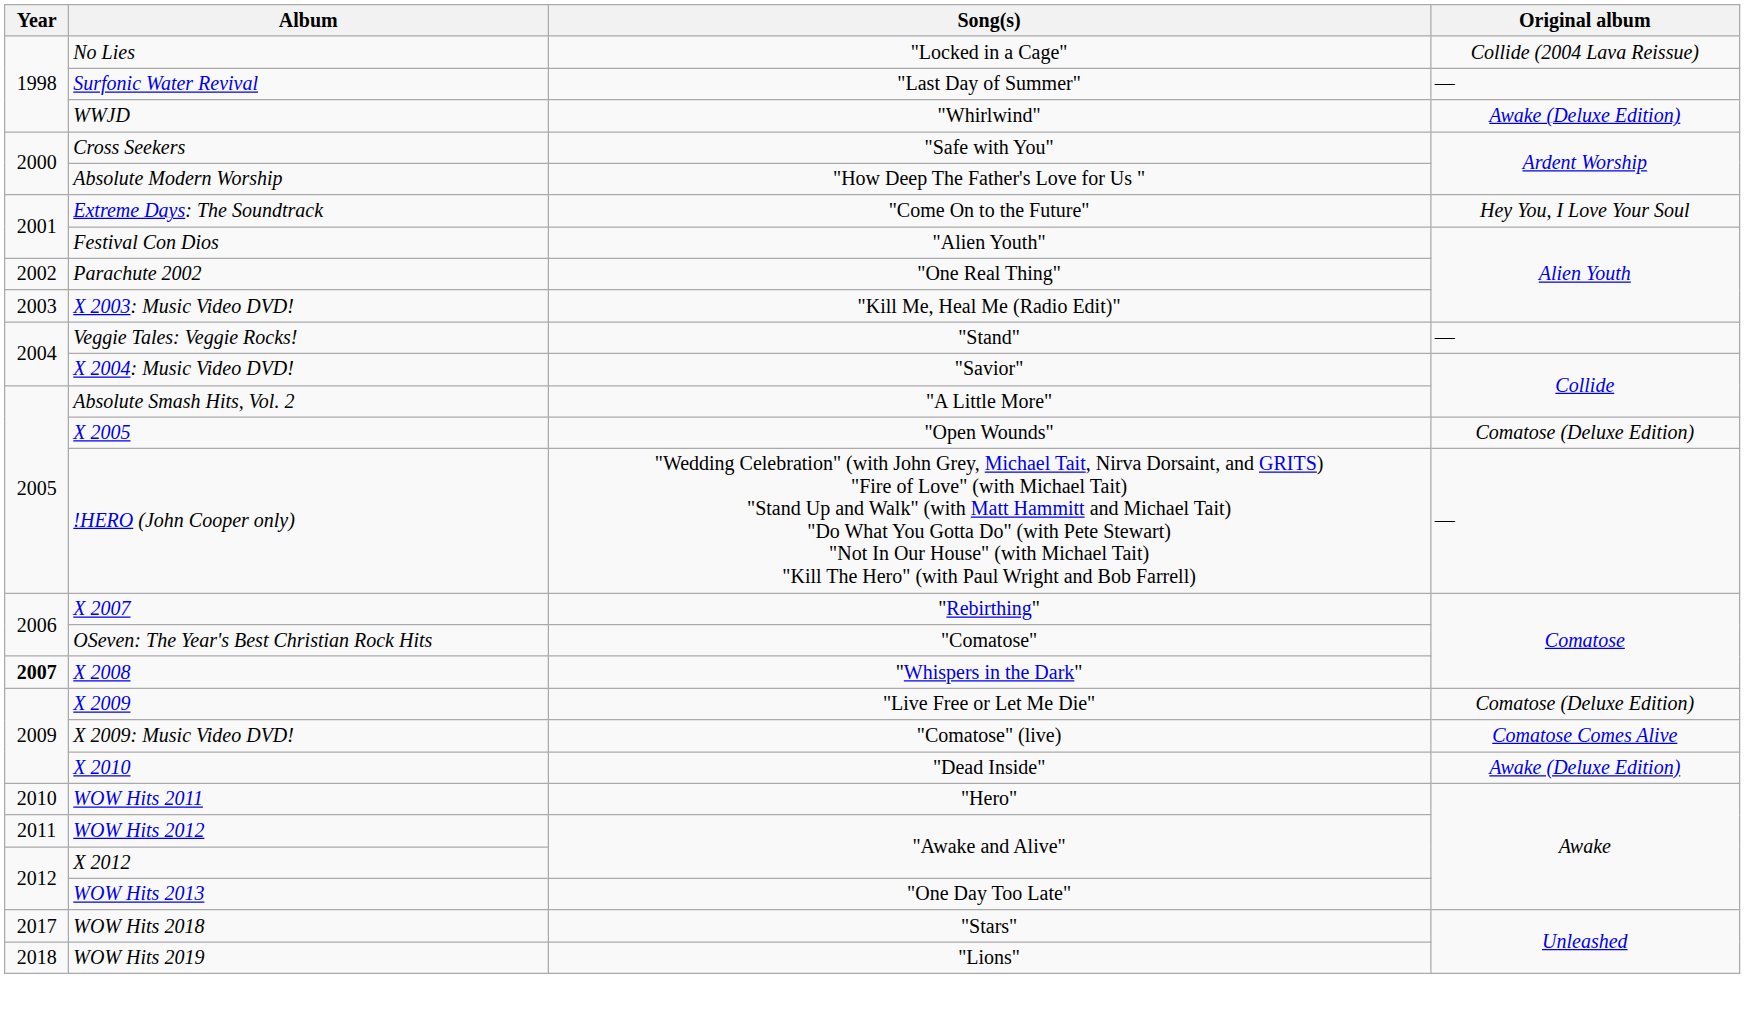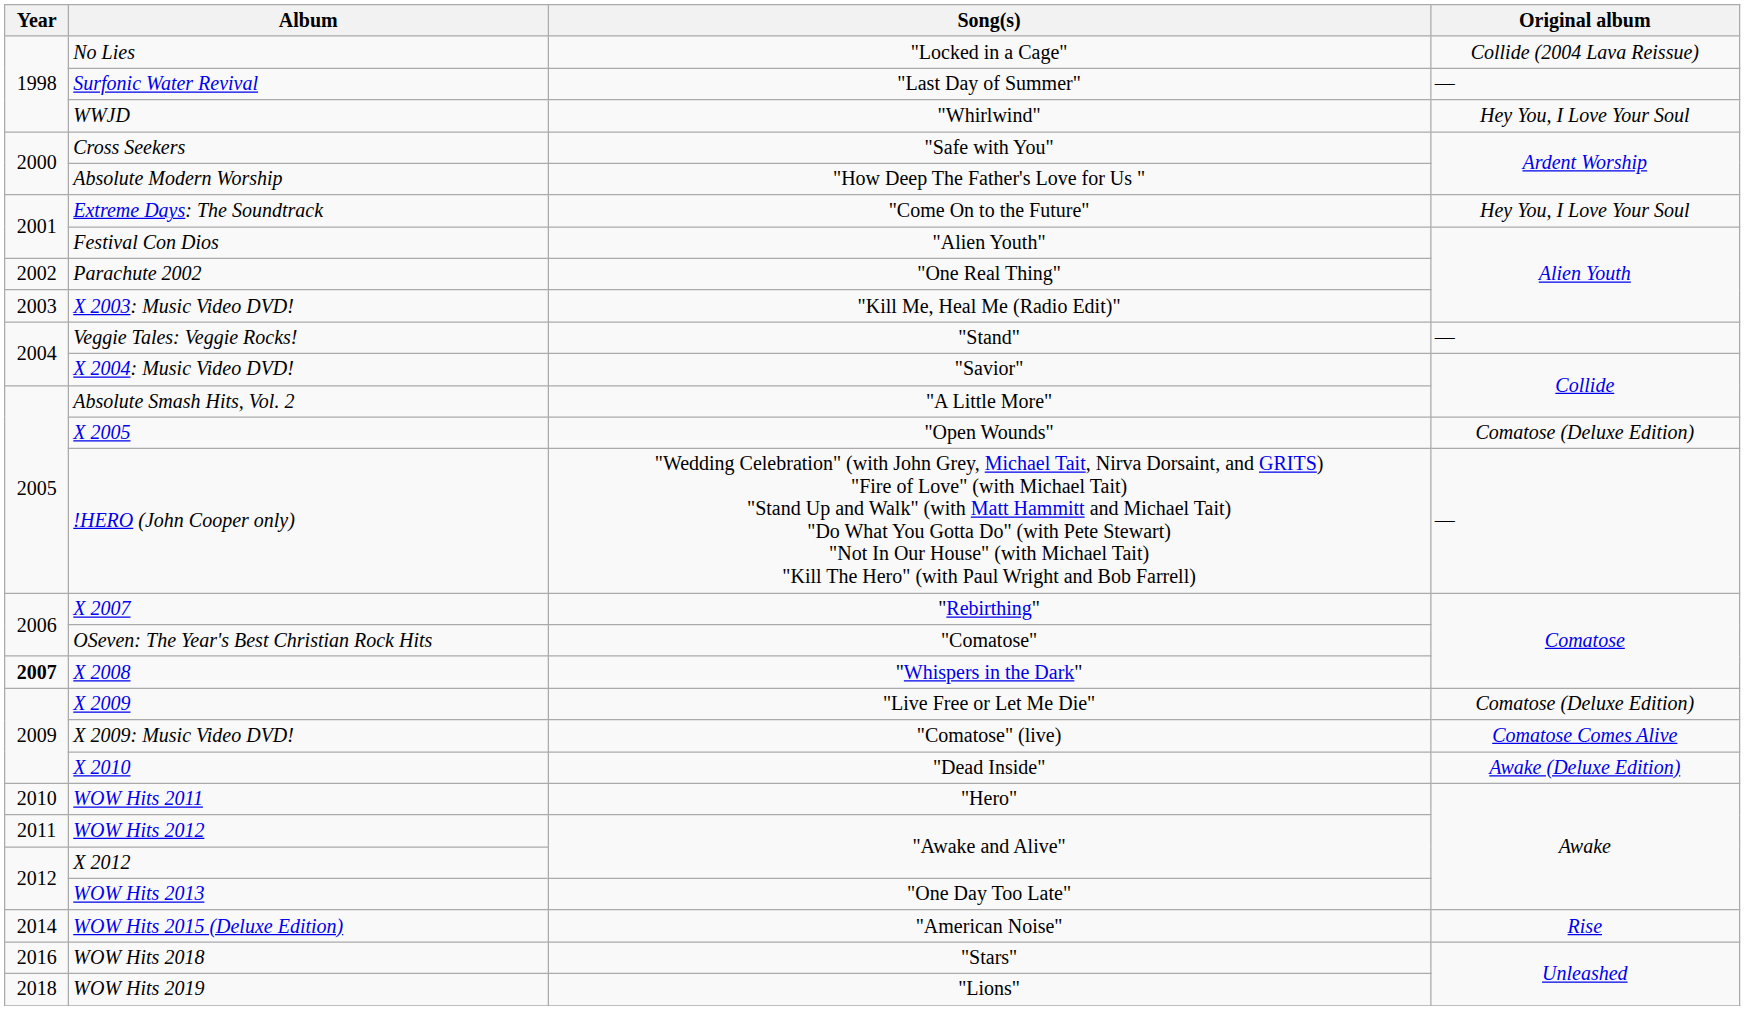 <table class="wikitable" style="width:70%;">
 <tr>
 <th>Year</th>
 <th>Album</th>
 <th>Song(s)</th>
 <th>Original album</th>
 </tr>
 <tr>
 <td rowspan="3" style="text-align:center;">1998</td>
 <td style="text-align:left;"><em>No Lies</em></td>
 <td style="text-align:center;">"Locked in a Cage"</td>
 <td style="text-align:center;"><em>Collide (2004 Lava Reissue)</em></td>
 </tr>
 <tr>
 <td style="text-align:left;"><em><a href='#'>Surfonic Water Revival</a></em></td>
 <td style="text-align:center;">"Last Day of Summer"</td>
 <td>—</td>
 </tr>
 <tr>
 <td style="text-align:left;"><em>WWJD</em></td>
 <td style="text-align:center;">"Whirlwind"</td>
-<td style="text-align:center;"><em><a href='#'>Awake (Deluxe Edition)</a></em></td>
+<td style="text-align:center;"><em>Hey You, I Love Your Soul</em></td>
 </tr>
 <tr>
 <td rowspan="2" style="text-align:center;">2000</td>
 <td style="text-align:left;"><em>Cross Seekers</em></td>
 <td style="text-align:center;">"Safe with You"</td>
 <td rowspan="2" style="text-align:center;"><em><a href='#'>Ardent Worship</a></em></td>
 </tr>
 <tr>
 <td style="text-align:left;"><em>Absolute Modern Worship </em></td>
 <td style="text-align:center;">"How Deep The Father's Love for Us "</td>
 </tr>
 <tr>
 <td rowspan="2" style="text-align:center;">2001</td>
 <td style="text-align:left;"><em><a href='#'>Extreme Days</a>: The Soundtrack</em></td>
 <td style="text-align:center;">"Come On to the Future"</td>
 <td style="text-align:center;"><em>Hey You, I Love Your Soul</em></td>
 </tr>
 <tr>
 <td style="text-align:left;"><em>Festival Con Dios</em></td>
 <td style="text-align:center;">"Alien Youth"</td>
 <td rowspan="3" style="text-align:center;"><em><a href='#'>Alien Youth</a></em></td>
 </tr>
 <tr>
 <td style="text-align:center;">2002</td>
 <td style="text-align:left;"><em>Parachute 2002</em></td>
 <td style="text-align:center;">"One Real Thing"</td>
 </tr>
 <tr>
 <td style="text-align:center;">2003</td>
 <td style="text-align:left;"><em><a href='#'>X 2003</a>: Music Video DVD!</em></td>
 <td style="text-align:center;">"Kill Me, Heal Me (Radio Edit)"</td>
 </tr>
 <tr>
 <td rowspan="2" style="text-align:center;">2004</td>
 <td style="text-align:left;"><em>Veggie Tales: Veggie Rocks!</em></td>
 <td style="text-align:center;">"Stand"</td>
 <td>—</td>
 </tr>
 <tr>
 <td style="text-align:left;"><em><a href='#'>X 2004</a>: Music Video DVD!</em></td>
 <td style="text-align:center;">"Savior"</td>
 <td rowspan="2" style="text-align:center;"><em><a href='#'>Collide</a></em></td>
 </tr>
 <tr>
 <td rowspan="3" style="text-align:center;">2005</td>
 <td style="text-align:left;"><em>Absolute Smash Hits, Vol. 2</em></td>
 <td style="text-align:center;">"A Little More"</td>
 </tr>
 <tr>
 <td style="text-align:left;"><em><a href='#'>X 2005</a></em></td>
 <td style="text-align:center;">"Open Wounds"</td>
 <td style="text-align:center;"><em>Comatose (Deluxe Edition)</em></td>
 </tr>
 <tr>
 <td style="text-align:left;"><em><a href='#'>!HERO</a> (John Cooper only)</em></td>
 <td style="text-align:center;">"Wedding Celebration" (with John Grey, <a href='#'>Michael Tait</a>, Nirva Dorsaint, and <a href='#'>GRITS</a>)<br>"Fire of Love" (with Michael Tait)<br>"Stand Up and Walk" (with <a href='#'>Matt Hammitt</a> and Michael Tait)<br>"Do What You Gotta Do" (with Pete Stewart)<br>"Not In Our House" (with Michael Tait)<br>"Kill The Hero" (with Paul Wright and Bob Farrell)</td>
 <td>—</td>
 </tr>
 <tr>
 <td rowspan="2" style="text-align:center;">2006</td>
 <td style="text-align:left;"><em><a href='#'>X 2007</a></em></td>
 <td style="text-align:center;">"<a href='#'>Rebirthing</a>"</td>
 <td rowspan="3" style="text-align:center;"><em><a href='#'>Comatose</a></em></td>
 </tr>
 <tr>
 <td style="text-align:left;"><em>OSeven: The Year's Best Christian Rock Hits</em></td>
 <td style="text-align:center;">"Comatose"</td>
 </tr>
 <tr>
 <td style="text-align:center;"><strong>2007</strong></td>
 <td style="text-align:left;"><em><a href='#'>X 2008</a></em></td>
 <td style="text-align:center;">"<a href='#'>Whispers in the Dark</a>"</td>
 </tr>
 <tr>
 <td rowspan="3" style="text-align:center;">2009</td>
 <td style="text-align:left;"><em><a href='#'>X 2009</a></em></td>
 <td style="text-align:center;">"Live Free or Let Me Die"</td>
 <td style="text-align:center;"><em>Comatose (Deluxe Edition)</em></td>
 </tr>
 <tr>
 <td style="text-align:left;"><em>X 2009: Music Video DVD!</em></td>
 <td style="text-align:center;">"Comatose" (live)</td>
 <td style="text-align:center;"><em><a href='#'>Comatose Comes Alive</a></em></td>
 </tr>
 <tr>
 <td style="text-align:left;"><em><a href='#'>X 2010</a></em></td>
 <td style="text-align:center;">"Dead Inside"</td>
 <td style="text-align:center;"><em><a href='#'>Awake (Deluxe Edition)</a></em></td>
 </tr>
 <tr>
 <td style="text-align:center;">2010</td>
 <td style="text-align:left;"><em><a href='#'>WOW Hits 2011</a></em></td>
 <td style="text-align:center;">"Hero"</td>
 <td rowspan="4" style="text-align:center;"><em>Awake</em></td>
 </tr>
 <tr>
 <td style="text-align:center;">2011</td>
 <td style="text-align:left;"><em><a href='#'>WOW Hits 2012</a></em></td>
 <td rowspan="2" style="text-align:center;">"Awake and Alive"</td>
 </tr>
 <tr>
 <td rowspan="2" style="text-align:center;">2012</td>
 <td style="text-align:left;"><em>X 2012</em></td>
 </tr>
 <tr>
 <td style="text-align:left;"><em><a href='#'>WOW Hits 2013</a></em></td>
 <td style="text-align:center;">"One Day Too Late"</td>
 </tr>
 <tr>
-<td style="text-align:center;">2017</td>
+<td style="text-align:center;">2014</td>
+<td style="text-align:left;"><em><a href='#'>WOW Hits 2015 (Deluxe Edition)</a></em></td>
+<td style="text-align:center;">"American Noise"</td>
+<td style="text-align:center;"><em><a href='#'>Rise</a></em></td>
+</tr>
+<tr>
+<td style="text-align:center;">2016</td>
 <td style="text-align:left;"><em>WOW Hits 2018</em></td>
 <td style="text-align:center;">"Stars"</td>
 <td rowspan="2" style="text-align:center;"><em><a href='#'>Unleashed</a></em></td>
 </tr>
 <tr>
 <td style="text-align:center;">2018</td>
 <td style="text-align:left;"><em>WOW Hits 2019</em></td>
 <td style="text-align:center;">"Lions"</td>
 </tr>
 </table>
